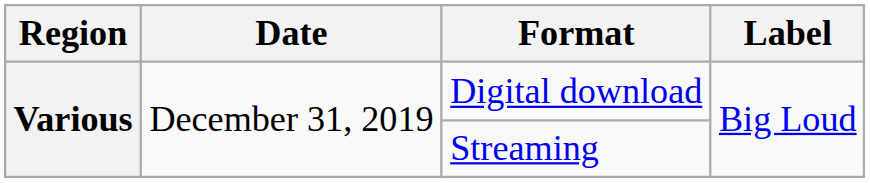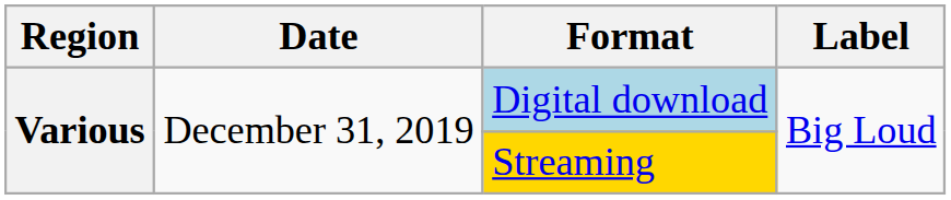 <table class="wikitable plainrowheaders">
 <tr>
 <th scope="col">Region</th>
 <th scope="col">Date</th>
 <th scope="col">Format</th>
 <th scope="col">Label</th>
 </tr>
 <tr>
 <th scope="row" rowspan="2">Various</th>
 <td rowspan="2">December 31, 2019</td>
-<td><a href='#'>Digital download</a></td>
+<td style="background: lightblue;"><a href='#'>Digital download</a></td>
 <td rowspan="2"><a href='#'>Big Loud</a></td>
 </tr>
 <tr>
-<td><a href='#'>Streaming</a></td>
+<td style="background: gold;"><a href='#'>Streaming</a></td>
 </tr>
 </table>
